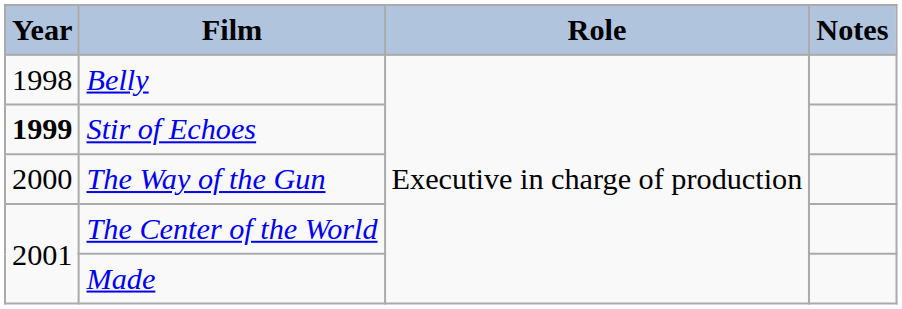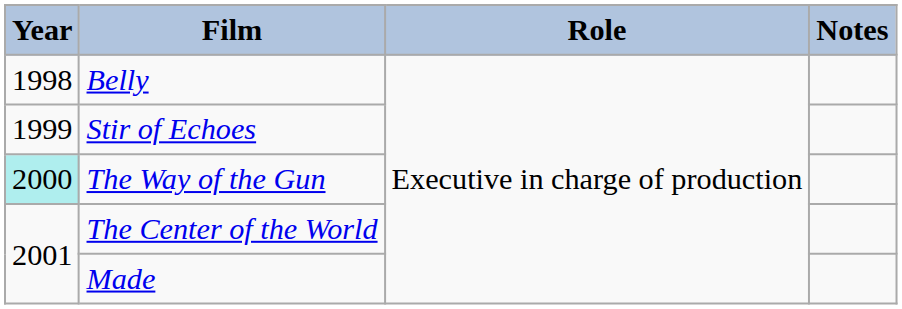 <table class="wikitable" style="font-size:95%;">
 <tr>
 <th style="background:#B0C4DE;">Year</th>
 <th style="background:#B0C4DE;">Film</th>
 <th style="background:#B0C4DE;">Role</th>
 <th style="background:#B0C4DE;">Notes</th>
 </tr>
 <tr>
 <td>1998</td>
 <td><em><a href='#'>Belly</a></em></td>
 <td rowspan=5>Executive in charge of production</td>
 <td></td>
 </tr>
 <tr>
-<td><strong>1999</strong></td>
+<td>1999</td>
 <td><em><a href='#'>Stir of Echoes</a></em></td>
 <td></td>
 </tr>
 <tr>
-<td>2000</td>
+<td style="background: paleturquoise;">2000</td>
 <td><em><a href='#'>The Way of the Gun</a></em></td>
 <td></td>
 </tr>
 <tr>
 <td rowspan=2>2001</td>
 <td><em><a href='#'>The Center of the World</a></em></td>
 <td></td>
 </tr>
 <tr>
 <td><em><a href='#'>Made</a></em></td>
 <td></td>
 </tr>
 </table>
